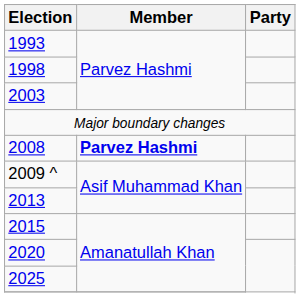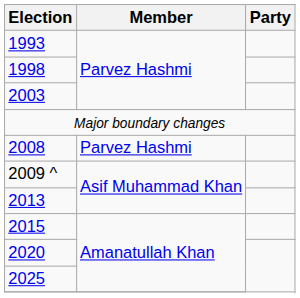 <table class="wikitable">
 <tr>
 <th>Election</th>
 <th>Member</th>
 <th colspan="2">Party</th>
 </tr>
 <tr>
 <td><a href='#'>1993</a></td>
 <td rowspan="3"><a href='#'>Parvez Hashmi</a></td>
 <td></td>
 </tr>
 <tr>
 <td><a href='#'>1998</a></td>
 <td></td>
 </tr>
 <tr>
 <td><a href='#'>2003</a></td>
 </tr>
 <tr>
 <td colspan=4 align=center><small><em>Major boundary changes</em></small></td>
 </tr>
 <tr>
 <td><a href='#'>2008</a></td>
-<td><strong><a href='#'>Parvez Hashmi</a></strong></td>
+<td><a href='#'>Parvez Hashmi</a></td>
 <td></td>
 </tr>
 <tr>
 <td>2009 ^</td>
 <td rowspan="2"><a href='#'>Asif Muhammad Khan</a></td>
 <td></td>
 </tr>
 <tr>
 <td><a href='#'>2013</a></td>
 <td></td>
 </tr>
 <tr>
 <td><a href='#'>2015</a></td>
 <td rowspan="3"><a href='#'>Amanatullah Khan</a></td>
 <td></td>
 </tr>
 <tr>
 <td><a href='#'>2020</a></td>
 </tr>
 <tr>
 <td><a href='#'>2025</a></td>
 </tr>
 <tr>
 </tr>
 </table>
